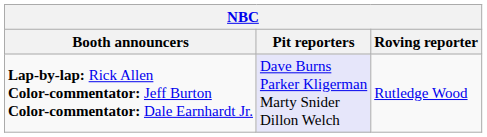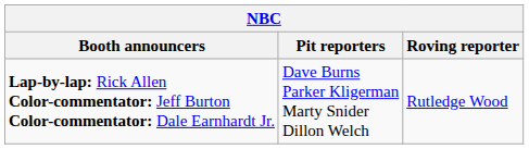 <table class="wikitable" style="font-size: 95%;">
 <tr>
 <th colspan="3"><a href='#'>NBC</a></th>
 </tr>
 <tr>
 <th>Booth announcers</th>
 <th>Pit reporters</th>
 <th>Roving reporter</th>
 </tr>
 <tr>
 <td><strong>Lap-by-lap:</strong> <a href='#'>Rick Allen</a><br><strong>Color-commentator:</strong> <a href='#'>Jeff Burton</a><br><strong>Color-commentator:</strong> <a href='#'>Dale Earnhardt Jr.</a></td>
-<td style="background: lavender;"><a href='#'>Dave Burns</a><br><a href='#'>Parker Kligerman</a><br>Marty Snider<br>Dillon Welch</td>
+<td><a href='#'>Dave Burns</a><br><a href='#'>Parker Kligerman</a><br>Marty Snider<br>Dillon Welch</td>
 <td><a href='#'>Rutledge Wood</a></td>
 </tr>
 </table>
